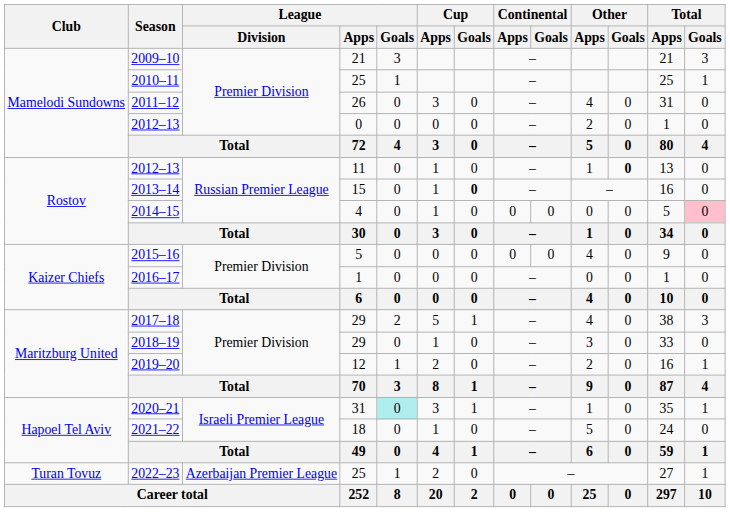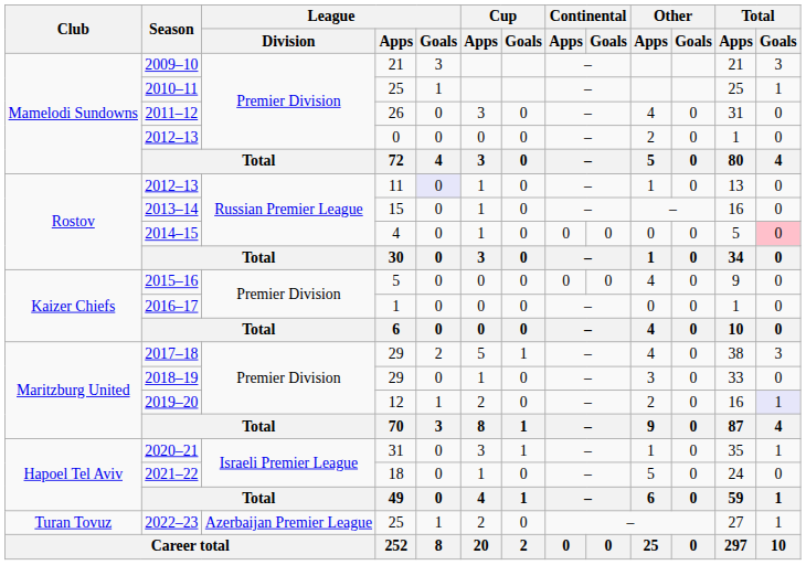 <table class="wikitable" style="text-align:center">
 <tr>
 <th rowspan="2">Club</th>
 <th rowspan="2">Season</th>
 <th colspan="3">League</th>
 <th colspan="2">Cup</th>
 <th colspan="2">Continental</th>
 <th colspan="2">Other</th>
 <th colspan="2">Total</th>
 </tr>
 <tr>
 <th>Division</th>
 <th>Apps</th>
 <th>Goals</th>
 <th>Apps</th>
 <th>Goals</th>
 <th>Apps</th>
 <th>Goals</th>
 <th>Apps</th>
 <th>Goals</th>
 <th>Apps</th>
 <th>Goals</th>
 </tr>
 <tr>
 <td rowspan="5"><a href='#'>Mamelodi Sundowns</a></td>
 <td><a href='#'>2009–10</a></td>
 <td rowspan="4"><a href='#'>Premier Division</a></td>
 <td>21</td>
 <td>3</td>
 <td></td>
 <td></td>
 <td colspan="2">–</td>
 <td></td>
 <td></td>
 <td>21</td>
 <td>3</td>
 </tr>
 <tr>
 <td><a href='#'>2010–11</a></td>
 <td>25</td>
 <td>1</td>
 <td></td>
 <td></td>
 <td colspan="2">–</td>
 <td></td>
 <td></td>
 <td>25</td>
 <td>1</td>
 </tr>
 <tr>
 <td><a href='#'>2011–12</a></td>
 <td>26</td>
 <td>0</td>
 <td>3</td>
 <td>0</td>
 <td colspan="2">–</td>
 <td>4</td>
 <td>0</td>
 <td>31</td>
 <td>0</td>
 </tr>
 <tr>
 <td><a href='#'>2012–13</a></td>
 <td>0</td>
 <td>0</td>
 <td>0</td>
 <td>0</td>
 <td colspan="2">–</td>
 <td>2</td>
 <td>0</td>
 <td>1</td>
 <td>0</td>
 </tr>
 <tr>
 <th colspan="2">Total</th>
 <th>72</th>
 <th>4</th>
 <th>3</th>
 <th>0</th>
 <th colspan="2">–</th>
 <th>5</th>
 <th>0</th>
 <th>80</th>
 <th>4</th>
 </tr>
 <tr>
 <td rowspan="4"><a href='#'>Rostov</a></td>
 <td><a href='#'>2012–13</a></td>
 <td rowspan="3"><a href='#'>Russian Premier League</a></td>
 <td>11</td>
-<td>0</td>
+<td style="background: lavender;">0</td>
 <td>1</td>
 <td>0</td>
 <td colspan="2">–</td>
 <td>1</td>
-<td><strong>0</strong></td>
+<td>0</td>
 <td>13</td>
 <td>0</td>
 </tr>
 <tr>
 <td><a href='#'>2013–14</a></td>
 <td>15</td>
 <td>0</td>
 <td>1</td>
-<td><strong>0</strong></td>
+<td>0</td>
 <td colspan="2">–</td>
 <td colspan="2">–</td>
 <td>16</td>
 <td>0</td>
 </tr>
 <tr>
 <td><a href='#'>2014–15</a></td>
 <td>4</td>
 <td>0</td>
 <td>1</td>
 <td>0</td>
 <td>0</td>
 <td>0</td>
 <td>0</td>
 <td>0</td>
 <td>5</td>
 <td style="background: pink;">0</td>
 </tr>
 <tr>
 <th colspan="2">Total</th>
 <th>30</th>
 <th>0</th>
 <th>3</th>
 <th>0</th>
 <th colspan="2">–</th>
 <th>1</th>
 <th>0</th>
 <th>34</th>
 <th>0</th>
 </tr>
 <tr>
 <td rowspan="3"><a href='#'>Kaizer Chiefs</a></td>
 <td><a href='#'>2015–16</a></td>
 <td rowspan="2">Premier Division</td>
 <td>5</td>
 <td>0</td>
 <td>0</td>
 <td>0</td>
 <td>0</td>
 <td>0</td>
 <td>4</td>
 <td>0</td>
 <td>9</td>
 <td>0</td>
 </tr>
 <tr>
 <td><a href='#'>2016–17</a></td>
 <td>1</td>
 <td>0</td>
 <td>0</td>
 <td>0</td>
 <td colspan="2">–</td>
 <td>0</td>
 <td>0</td>
 <td>1</td>
 <td>0</td>
 </tr>
 <tr>
 <th colspan="2">Total</th>
 <th>6</th>
 <th>0</th>
 <th>0</th>
 <th>0</th>
 <th colspan="2">–</th>
 <th>4</th>
 <th>0</th>
 <th>10</th>
 <th>0</th>
 </tr>
 <tr>
 <td rowspan="4"><a href='#'>Maritzburg United</a></td>
 <td><a href='#'>2017–18</a></td>
 <td rowspan="3">Premier Division</td>
 <td>29</td>
 <td>2</td>
 <td>5</td>
 <td>1</td>
 <td colspan="2">–</td>
 <td>4</td>
 <td>0</td>
 <td>38</td>
 <td>3</td>
 </tr>
 <tr>
 <td><a href='#'>2018–19</a></td>
 <td>29</td>
 <td>0</td>
 <td>1</td>
 <td>0</td>
 <td colspan="2">–</td>
 <td>3</td>
 <td>0</td>
 <td>33</td>
 <td>0</td>
 </tr>
 <tr>
 <td><a href='#'>2019–20</a></td>
 <td>12</td>
 <td>1</td>
 <td>2</td>
 <td>0</td>
 <td colspan="2">–</td>
 <td>2</td>
 <td>0</td>
 <td>16</td>
-<td>1</td>
+<td style="background: lavender;">1</td>
 </tr>
 <tr>
 <th colspan="2">Total</th>
 <th>70</th>
 <th>3</th>
 <th>8</th>
 <th>1</th>
 <th colspan="2">–</th>
 <th>9</th>
 <th>0</th>
 <th>87</th>
 <th>4</th>
 </tr>
 <tr>
 <td rowspan="3"><a href='#'>Hapoel Tel Aviv</a></td>
 <td><a href='#'>2020–21</a></td>
 <td rowspan="2"><a href='#'>Israeli Premier League</a></td>
 <td>31</td>
-<td style="background: paleturquoise;">0</td>
+<td>0</td>
 <td>3</td>
 <td>1</td>
 <td colspan="2">–</td>
 <td>1</td>
 <td>0</td>
 <td>35</td>
 <td>1</td>
 </tr>
 <tr>
 <td><a href='#'>2021–22</a></td>
 <td>18</td>
 <td>0</td>
 <td>1</td>
 <td>0</td>
 <td colspan="2">–</td>
 <td>5</td>
 <td>0</td>
 <td>24</td>
 <td>0</td>
 </tr>
 <tr>
 <th colspan="2">Total</th>
 <th>49</th>
 <th>0</th>
 <th>4</th>
 <th>1</th>
 <th colspan="2">–</th>
 <th>6</th>
 <th>0</th>
 <th>59</th>
 <th>1</th>
 </tr>
 <tr>
 <td><a href='#'>Turan Tovuz</a></td>
 <td><a href='#'>2022–23</a></td>
 <td><a href='#'>Azerbaijan Premier League</a></td>
 <td>25</td>
 <td>1</td>
 <td>2</td>
 <td>0</td>
 <td colspan="4">–</td>
 <td>27</td>
 <td>1</td>
 </tr>
 <tr>
 <th colspan="3">Career total</th>
 <th>252</th>
 <th>8</th>
 <th>20</th>
 <th>2</th>
 <th>0</th>
 <th>0</th>
 <th>25</th>
 <th>0</th>
 <th>297</th>
 <th>10</th>
 </tr>
 </table>
